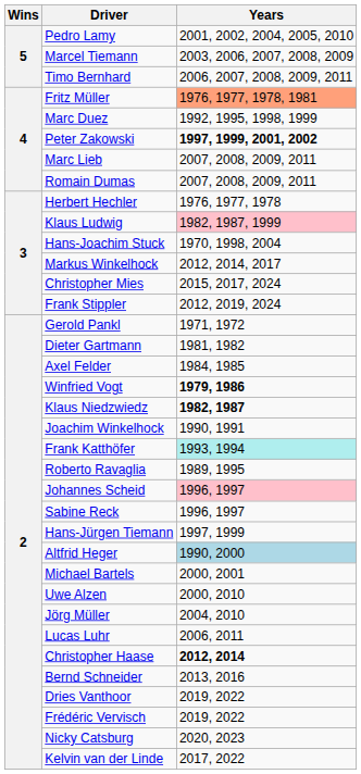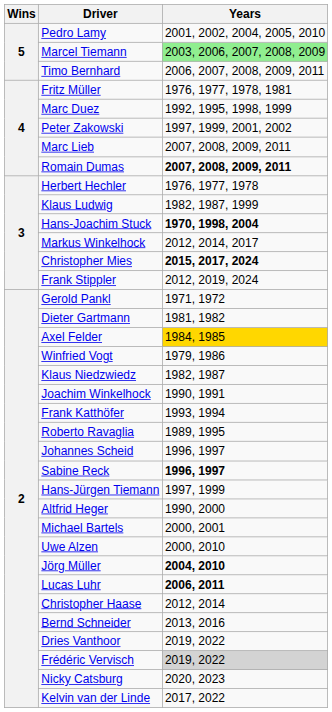 <table class="wikitable" style="font-size: 95%;">
 <tr>
 <th>Wins</th>
 <th>Driver</th>
 <th>Years</th>
 </tr>
 <tr>
 <th rowspan="3">5</th>
 <td> <a href='#'>Pedro Lamy</a></td>
 <td>2001, 2002, 2004, 2005, 2010</td>
 </tr>
 <tr>
 <td> <a href='#'>Marcel Tiemann</a></td>
-<td>2003, 2006, 2007, 2008, 2009</td>
+<td style="background: lightgreen;">2003, 2006, 2007, 2008, 2009</td>
 </tr>
 <tr>
 <td> <a href='#'>Timo Bernhard</a></td>
 <td>2006, 2007, 2008, 2009, 2011</td>
 </tr>
 <tr>
 <th rowspan="5">4</th>
 <td> <a href='#'>Fritz Müller</a></td>
-<td style="background: lightsalmon;">1976, 1977, 1978, 1981</td>
+<td>1976, 1977, 1978, 1981</td>
 </tr>
 <tr>
 <td> <a href='#'>Marc Duez</a></td>
 <td>1992, 1995, 1998, 1999</td>
 </tr>
 <tr>
 <td> <a href='#'>Peter Zakowski</a></td>
-<td><strong>1997, 1999, 2001, 2002</strong></td>
+<td>1997, 1999, 2001, 2002</td>
 </tr>
 <tr>
 <td> <a href='#'>Marc Lieb</a></td>
 <td>2007, 2008, 2009, 2011</td>
 </tr>
 <tr>
 <td> <a href='#'>Romain Dumas</a></td>
-<td>2007, 2008, 2009, 2011</td>
+<td><strong>2007, 2008, 2009, 2011</strong></td>
 </tr>
 <tr>
 <th rowspan="6">3</th>
 <td> <a href='#'>Herbert Hechler</a></td>
 <td>1976, 1977, 1978</td>
 </tr>
 <tr>
 <td> <a href='#'>Klaus Ludwig</a></td>
-<td style="background: pink;">1982, 1987, 1999</td>
+<td>1982, 1987, 1999</td>
 </tr>
 <tr>
 <td> <a href='#'>Hans-Joachim Stuck</a></td>
-<td>1970, 1998, 2004</td>
+<td><strong>1970, 1998, 2004</strong></td>
 </tr>
 <tr>
 <td> <a href='#'>Markus Winkelhock</a></td>
 <td>2012, 2014, 2017</td>
 </tr>
 <tr>
 <td> <a href='#'>Christopher Mies</a></td>
-<td>2015, 2017, 2024</td>
+<td><strong>2015, 2017, 2024</strong></td>
 </tr>
 <tr>
 <td> <a href='#'>Frank Stippler</a></td>
 <td>2012, 2019, 2024</td>
 </tr>
 <tr>
 <th rowspan="22">2</th>
 <td> <a href='#'>Gerold Pankl</a></td>
 <td>1971, 1972</td>
 </tr>
 <tr>
 <td> <a href='#'>Dieter Gartmann</a></td>
 <td>1981, 1982</td>
 </tr>
 <tr>
 <td> <a href='#'>Axel Felder</a></td>
-<td>1984, 1985</td>
+<td style="background: gold;">1984, 1985</td>
 </tr>
 <tr>
 <td> <a href='#'>Winfried Vogt</a></td>
-<td><strong>1979, 1986</strong></td>
+<td>1979, 1986</td>
 </tr>
 <tr>
 <td> <a href='#'>Klaus Niedzwiedz</a></td>
-<td><strong>1982, 1987</strong></td>
+<td>1982, 1987</td>
 </tr>
 <tr>
 <td> <a href='#'>Joachim Winkelhock</a></td>
 <td>1990, 1991</td>
 </tr>
 <tr>
 <td> <a href='#'>Frank Katthöfer</a></td>
-<td style="background: paleturquoise;">1993, 1994</td>
+<td>1993, 1994</td>
 </tr>
 <tr>
 <td> <a href='#'>Roberto Ravaglia</a></td>
 <td>1989, 1995</td>
 </tr>
 <tr>
 <td> <a href='#'>Johannes Scheid</a></td>
-<td style="background: pink;">1996, 1997</td>
+<td>1996, 1997</td>
 </tr>
 <tr>
 <td> <a href='#'>Sabine Reck</a></td>
-<td>1996, 1997</td>
+<td><strong>1996, 1997</strong></td>
 </tr>
 <tr>
 <td> <a href='#'>Hans-Jürgen Tiemann</a></td>
 <td>1997, 1999</td>
 </tr>
 <tr>
 <td> <a href='#'>Altfrid Heger</a></td>
-<td style="background: lightblue;">1990, 2000</td>
+<td>1990, 2000</td>
 </tr>
 <tr>
 <td> <a href='#'>Michael Bartels</a></td>
 <td>2000, 2001</td>
 </tr>
 <tr>
 <td> <a href='#'>Uwe Alzen</a></td>
 <td>2000, 2010</td>
 </tr>
 <tr>
 <td> <a href='#'>Jörg Müller</a></td>
-<td>2004, 2010</td>
+<td><strong>2004, 2010</strong></td>
 </tr>
 <tr>
 <td> <a href='#'>Lucas Luhr</a></td>
-<td>2006, 2011</td>
+<td><strong>2006, 2011</strong></td>
 </tr>
 <tr>
 <td> <a href='#'>Christopher Haase</a></td>
-<td><strong>2012, 2014</strong></td>
+<td>2012, 2014</td>
 </tr>
 <tr>
 <td> <a href='#'>Bernd Schneider</a></td>
 <td>2013, 2016</td>
 </tr>
 <tr>
 <td> <a href='#'>Dries Vanthoor</a></td>
 <td>2019, 2022</td>
 </tr>
 <tr>
 <td> <a href='#'>Frédéric Vervisch</a></td>
-<td>2019, 2022</td>
+<td style="background: lightgrey;">2019, 2022</td>
 </tr>
 <tr>
 <td> <a href='#'>Nicky Catsburg</a></td>
 <td>2020, 2023</td>
 </tr>
 <tr>
 <td> <a href='#'>Kelvin van der Linde</a></td>
 <td>2017, 2022</td>
 </tr>
 </table>
